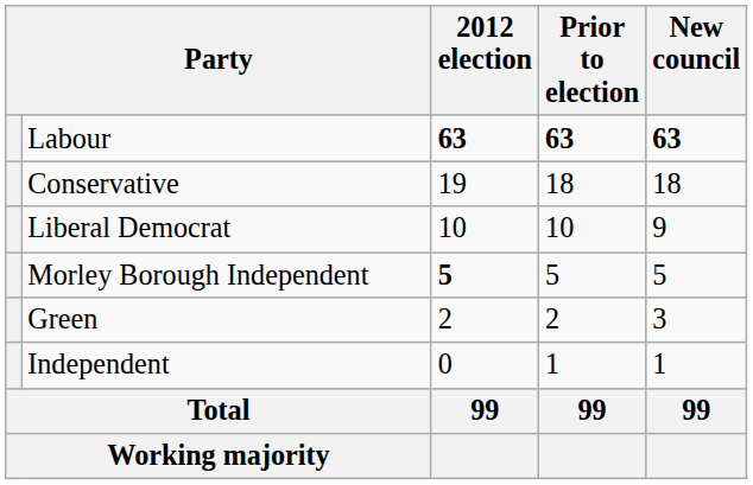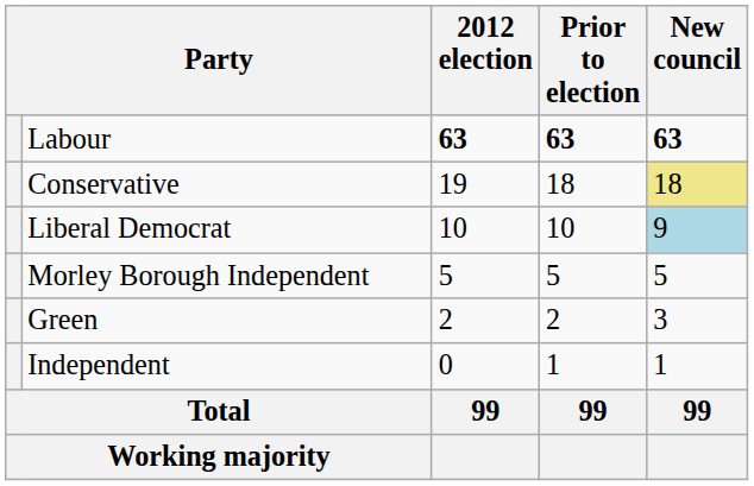 <table class="wikitable">
 <tr>
 <th valign=centre colspan="2" style="width: 230px">Party</th>
 <th valign=top style="width: 30px">2012 election</th>
 <th valign=top style="width: 30px">Prior to election</th>
 <th valign=top style="width: 30px">New council</th>
 </tr>
 <tr>
 <th style="background-color: "></th>
 <td>Labour</td>
 <td><strong>63</strong></td>
 <td><strong>63</strong></td>
 <td><strong>63</strong></td>
 </tr>
 <tr>
 <th style="background-color: "></th>
 <td>Conservative</td>
 <td>19</td>
 <td>18</td>
-<td>18</td>
+<td style="background: khaki;">18</td>
 </tr>
 <tr>
 <th style="background-color: "></th>
 <td>Liberal Democrat</td>
 <td>10</td>
 <td>10</td>
-<td>9</td>
+<td style="background: lightblue;">9</td>
 </tr>
 <tr>
 <th style="background-color: "></th>
 <td>Morley Borough Independent</td>
-<td><strong>5</strong></td>
+<td>5</td>
 <td>5</td>
 <td>5</td>
 </tr>
 <tr>
 <th style="background-color: "></th>
 <td>Green</td>
 <td>2</td>
 <td>2</td>
 <td>3</td>
 </tr>
 <tr>
 <th style="background-color: "></th>
 <td>Independent</td>
 <td>0</td>
 <td>1</td>
 <td>1</td>
 </tr>
 <tr>
 <th colspan=2>Total</th>
 <th style="text-align: center">99</th>
 <th style="text-align: center">99</th>
 <th style="text-align: center">99</th>
 </tr>
 <tr>
 <th colspan=2>Working majority</th>
 <th></th>
 <th></th>
 <th></th>
 </tr>
 </table>
